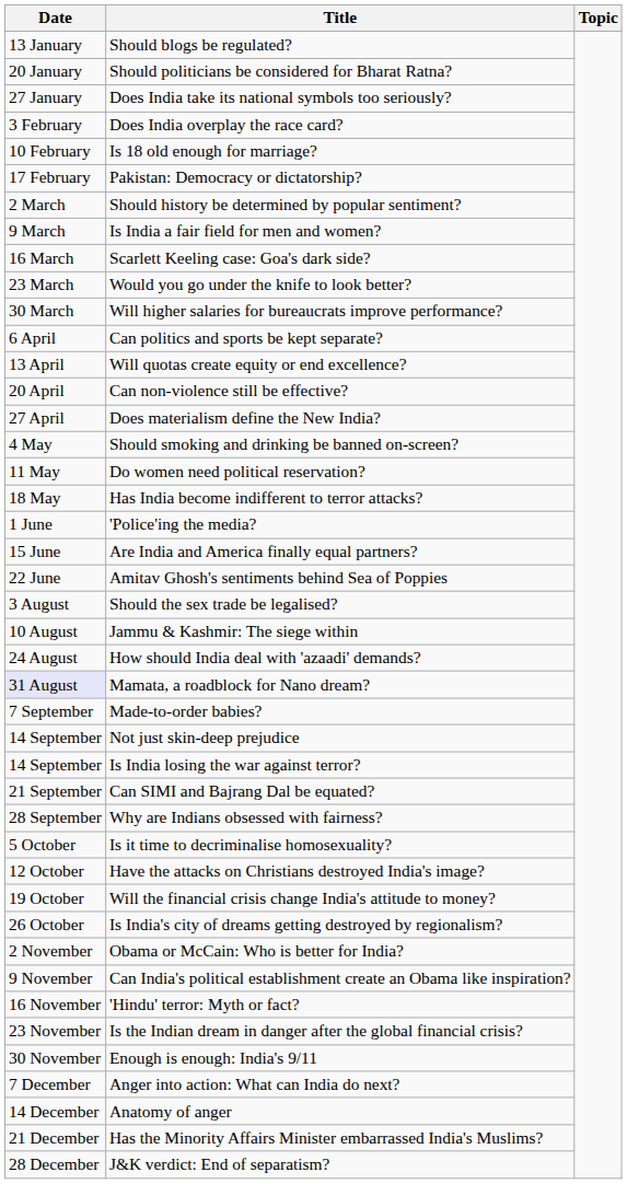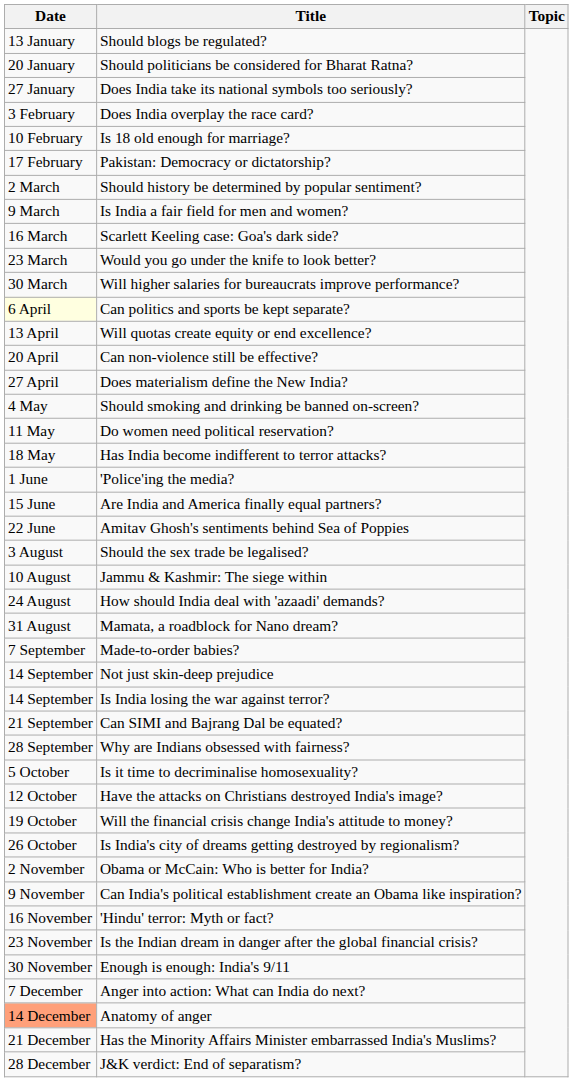 <table class="wikitable">
 <tr>
 <th scope="col">Date</th>
 <th scope="col">Title</th>
 <th scope="col">Topic</th>
 </tr>
 <tr>
 <td>13 January</td>
 <td>Should blogs be regulated?</td>
 </tr>
 <tr>
 <td>20 January</td>
 <td>Should politicians be considered for Bharat Ratna?</td>
 </tr>
 <tr>
 <td>27 January</td>
 <td>Does India take its national symbols too seriously?</td>
 </tr>
 <tr>
 <td>3 February</td>
 <td>Does India overplay the race card?</td>
 </tr>
 <tr>
 <td>10 February</td>
 <td>Is 18 old enough for marriage?</td>
 </tr>
 <tr>
 <td>17 February</td>
 <td>Pakistan: Democracy or dictatorship?</td>
 </tr>
 <tr>
 <td>2 March</td>
 <td>Should history be determined by popular sentiment?</td>
 </tr>
 <tr>
 <td>9 March</td>
 <td>Is India a fair field for men and women?</td>
 </tr>
 <tr>
 <td>16 March</td>
 <td>Scarlett Keeling case: Goa's dark side?</td>
 </tr>
 <tr>
 <td>23 March</td>
 <td>Would you go under the knife to look better?</td>
 </tr>
 <tr>
 <td>30 March</td>
 <td>Will higher salaries for bureaucrats improve performance?</td>
 </tr>
 <tr>
-<td>6 April</td>
+<td style="background: lightyellow;">6 April</td>
 <td>Can politics and sports be kept separate?</td>
 </tr>
 <tr>
 <td>13 April</td>
 <td>Will quotas create equity or end excellence?</td>
 </tr>
 <tr>
 <td>20 April</td>
 <td>Can non-violence still be effective?</td>
 </tr>
 <tr>
 <td>27 April</td>
 <td>Does materialism define the New India?</td>
 </tr>
 <tr>
 <td>4 May</td>
 <td>Should smoking and drinking be banned on-screen?</td>
 </tr>
 <tr>
 <td>11 May</td>
 <td>Do women need political reservation?</td>
 </tr>
 <tr>
 <td>18 May</td>
 <td>Has India become indifferent to terror attacks?</td>
 </tr>
 <tr>
 <td>1 June</td>
 <td>'Police'ing the media?</td>
 </tr>
 <tr>
 <td>15 June</td>
 <td>Are India and America finally equal partners?</td>
 </tr>
 <tr>
 <td>22 June</td>
 <td>Amitav Ghosh's sentiments behind Sea of Poppies</td>
 </tr>
 <tr>
 <td>3 August</td>
 <td>Should the sex trade be legalised?</td>
 </tr>
 <tr>
 <td>10 August</td>
 <td>Jammu & Kashmir: The siege within</td>
 </tr>
 <tr>
 <td>24 August</td>
 <td>How should India deal with 'azaadi' demands?</td>
 </tr>
 <tr>
-<td style="background: lavender;">31 August</td>
+<td>31 August</td>
 <td>Mamata, a roadblock for Nano dream?</td>
 </tr>
 <tr>
 <td>7 September</td>
 <td>Made-to-order babies?</td>
 </tr>
 <tr>
 <td>14 September</td>
 <td>Not just skin-deep prejudice</td>
 </tr>
 <tr>
 <td>14 September</td>
 <td>Is India losing the war against terror?</td>
 </tr>
 <tr>
 <td>21 September</td>
 <td>Can SIMI and Bajrang Dal be equated?</td>
 </tr>
 <tr>
 <td>28 September</td>
 <td>Why are Indians obsessed with fairness?</td>
 </tr>
 <tr>
 <td>5 October</td>
 <td>Is it time to decriminalise homosexuality?</td>
 </tr>
 <tr>
 <td>12 October</td>
 <td>Have the attacks on Christians destroyed India's image?</td>
 </tr>
 <tr>
 <td>19 October</td>
 <td>Will the financial crisis change India's attitude to money?</td>
 </tr>
 <tr>
 <td>26 October</td>
 <td>Is India's city of dreams getting destroyed by regionalism?</td>
 </tr>
 <tr>
 <td>2 November</td>
 <td>Obama or McCain: Who is better for India?</td>
 </tr>
 <tr>
 <td>9 November</td>
 <td>Can India's political establishment create an Obama like inspiration?</td>
 </tr>
 <tr>
 <td>16 November</td>
 <td>'Hindu' terror: Myth or fact?</td>
 </tr>
 <tr>
 <td>23 November</td>
 <td>Is the Indian dream in danger after the global financial crisis?</td>
 </tr>
 <tr>
 <td>30 November</td>
 <td>Enough is enough: India's 9/11</td>
 </tr>
 <tr>
 <td>7 December</td>
 <td>Anger into action: What can India do next?</td>
 </tr>
 <tr>
-<td>14 December</td>
+<td style="background: lightsalmon;">14 December</td>
 <td>Anatomy of anger</td>
 </tr>
 <tr>
 <td>21 December</td>
 <td>Has the Minority Affairs Minister embarrassed India's Muslims?</td>
 </tr>
 <tr>
 <td>28 December</td>
 <td>J&K verdict: End of separatism?</td>
 </tr>
 </table>
